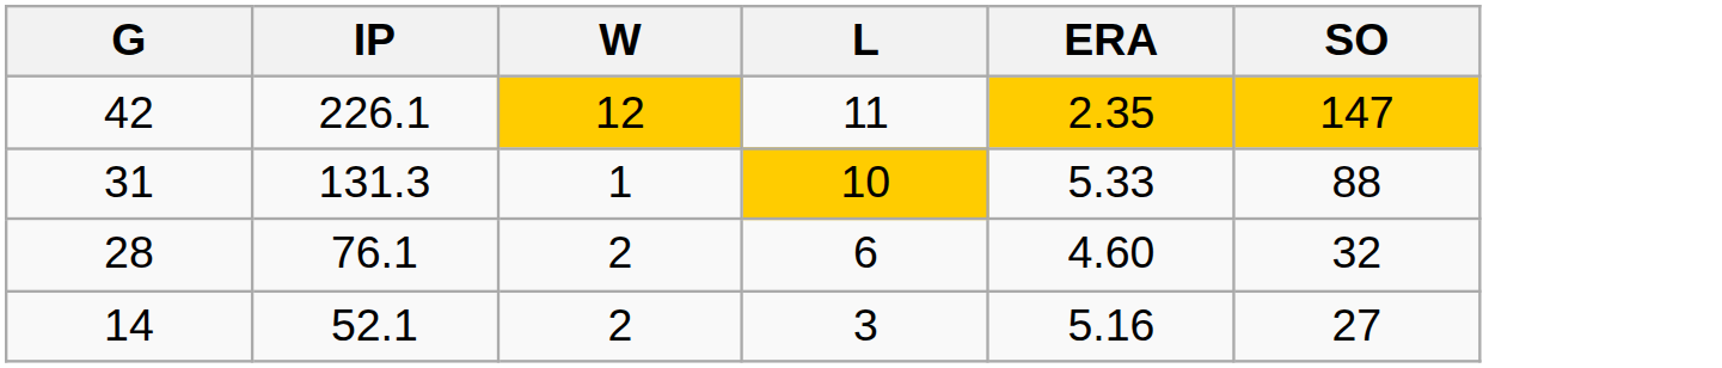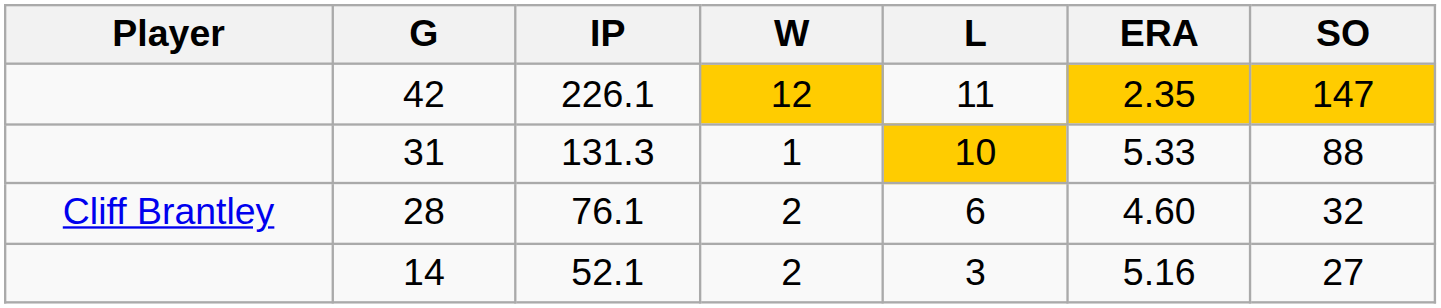 <table class="wikitable sortable">
 <tr>
+<th bgcolor="#DDDDFF" width="16%">Player</th>
 <th bgcolor="#DDDDFF" width="9%">G</th>
 <th bgcolor="#DDDDFF" width="9%">IP</th>
 <th bgcolor="#DDDDFF" width="9%">W</th>
 <th bgcolor="#DDDDFF" width="9%">L</th>
 <th bgcolor="#DDDDFF" width="9%">ERA</th>
 <th bgcolor="#DDDDFF" width="9%">SO</th>
 </tr>
 <tr align="center">
+<td></td>
 <td>42</td>
 <td>226.1</td>
 <td style="background:#fc0;">12</td>
 <td>11</td>
 <td style="background:#fc0;">2.35</td>
 <td style="background:#fc0;">147</td>
 </tr>
 <tr align="center">
+<td></td>
 <td>31</td>
 <td>131.3</td>
 <td>1</td>
 <td style="background:#fc0;">10</td>
 <td>5.33</td>
 <td>88</td>
 </tr>
 <tr align="center">
+<td><a href='#'>Cliff Brantley</a></td>
 <td>28</td>
 <td>76.1</td>
 <td>2</td>
 <td>6</td>
 <td>4.60</td>
 <td>32</td>
 </tr>
 <tr align=center>
+<td></td>
 <td>14</td>
 <td>52.1</td>
 <td>2</td>
 <td>3</td>
 <td>5.16</td>
 <td>27</td>
 </tr>
 </table>
